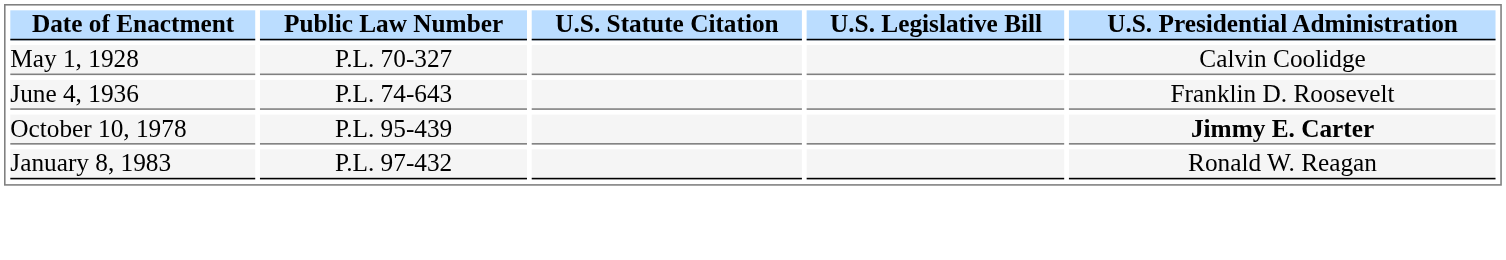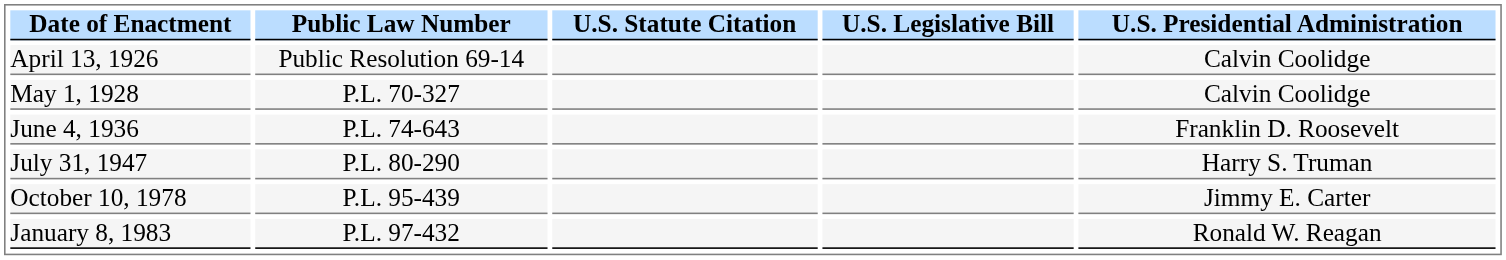 <table style="border:1px solid gray; align:left; width:75%" cellspacing=3 cellpadding=0>
 <tr style="font-weight:bold; text-align:center; background:#bbddff; color:black;">
 <th style=" border-bottom:1.5px solid black">Date of Enactment</th>
 <th style=" border-bottom:1.5px solid black">Public Law Number</th>
 <th style=" border-bottom:1.5px solid black">U.S. Statute Citation</th>
 <th style=" border-bottom:1.5px solid black">U.S. Legislative Bill</th>
 <th style=" border-bottom:1.5px solid black">U.S. Presidential Administration</th>
+</tr>
+<tr>
+<td style="border-bottom:1px solid gray; background:#F5F5F5;">April 13, 1926</td>
+<td style="border-bottom:1px solid gray; background:#F5F5F5; text-align:center;">Public Resolution 69-14</td>
+<td style="border-bottom:1px solid gray; background:#F5F5F5; text-align:center;"></td>
+<td style="border-bottom:1px solid gray; background:#F5F5F5; text-align:center;"></td>
+<td style="border-bottom:1px solid gray; background:#F5F5F5; text-align:center;">Calvin Coolidge</td>
 </tr>
 <tr>
 <td style="border-bottom:1px solid gray; background:#F5F5F5;">May 1, 1928</td>
 <td style="border-bottom:1px solid gray; background:#F5F5F5; text-align:center;">P.L. 70-327</td>
 <td style="border-bottom:1px solid gray; background:#F5F5F5; text-align:center;"></td>
 <td style="border-bottom:1px solid gray; background:#F5F5F5; text-align:center;"></td>
 <td style="border-bottom:1px solid gray; background:#F5F5F5; text-align:center;">Calvin Coolidge</td>
 </tr>
 <tr>
 <td style="border-bottom:1px solid gray; background:#F5F5F5;">June 4, 1936</td>
 <td style="border-bottom:1px solid gray; background:#F5F5F5; text-align:center;">P.L. 74-643</td>
 <td style="border-bottom:1px solid gray; background:#F5F5F5; text-align:center;"></td>
 <td style="border-bottom:1px solid gray; background:#F5F5F5; text-align:center;"></td>
 <td style="border-bottom:1px solid gray; background:#F5F5F5; text-align:center;">Franklin D. Roosevelt</td>
 </tr>
 <tr>
+<td style="border-bottom:1px solid gray; background:#F5F5F5;">July 31, 1947</td>
+<td style="border-bottom:1px solid gray; background:#F5F5F5; text-align:center;">P.L. 80-290</td>
+<td style="border-bottom:1px solid gray; background:#F5F5F5; text-align:center;"></td>
+<td style="border-bottom:1px solid gray; background:#F5F5F5; text-align:center;"></td>
+<td style="border-bottom:1px solid gray; background:#F5F5F5; text-align:center;">Harry S. Truman</td>
+</tr>
+<tr>
 <td style="border-bottom:1px solid gray; background:#F5F5F5;">October 10, 1978</td>
 <td style="border-bottom:1px solid gray; background:#F5F5F5; text-align:center;">P.L. 95-439</td>
 <td style="border-bottom:1px solid gray; background:#F5F5F5; text-align:center;"></td>
 <td style="border-bottom:1px solid gray; background:#F5F5F5; text-align:center;"></td>
-<td style="border-bottom:1px solid gray; background:#F5F5F5; text-align:center;"><strong>Jimmy E. Carter</strong></td>
+<td style="border-bottom:1px solid gray; background:#F5F5F5; text-align:center;">Jimmy E. Carter</td>
 </tr>
 <tr>
 <td style="border-bottom:1.5px solid black; background:#F5F5F5;">January 8, 1983</td>
 <td style="border-bottom:1.5px solid black; background:#F5F5F5; text-align:center;">P.L. 97-432</td>
 <td style="border-bottom:1.5px solid black; background:#F5F5F5; text-align:center;"></td>
 <td style="border-bottom:1.5px solid black; background:#F5F5F5; text-align:center;"></td>
 <td style="border-bottom:1.5px solid black; background:#F5F5F5; text-align:center;">Ronald W. Reagan</td>
 </tr>
 </table>
